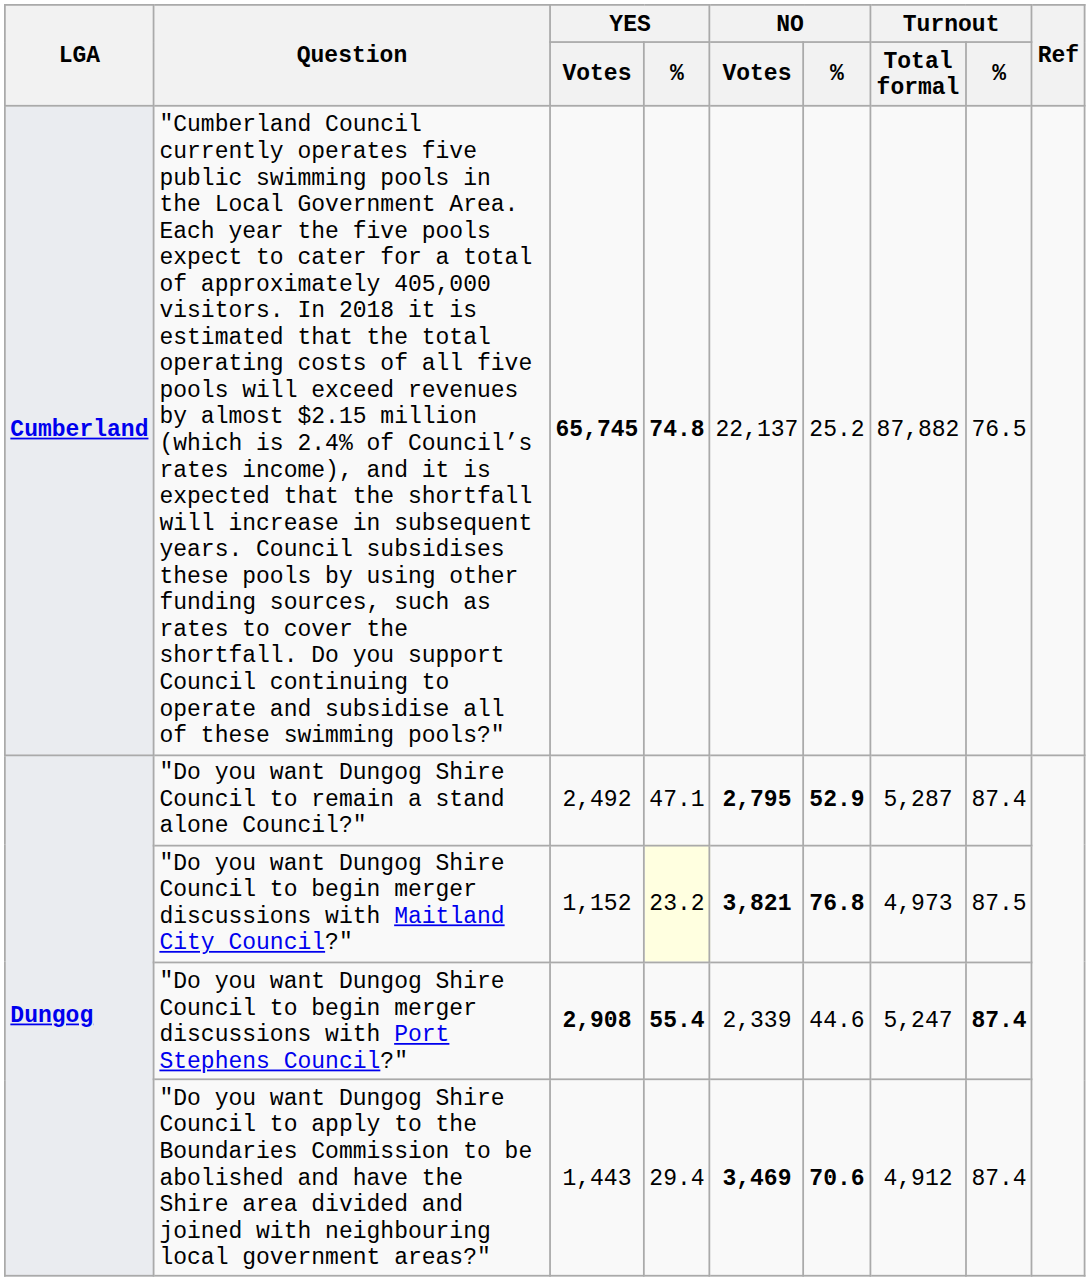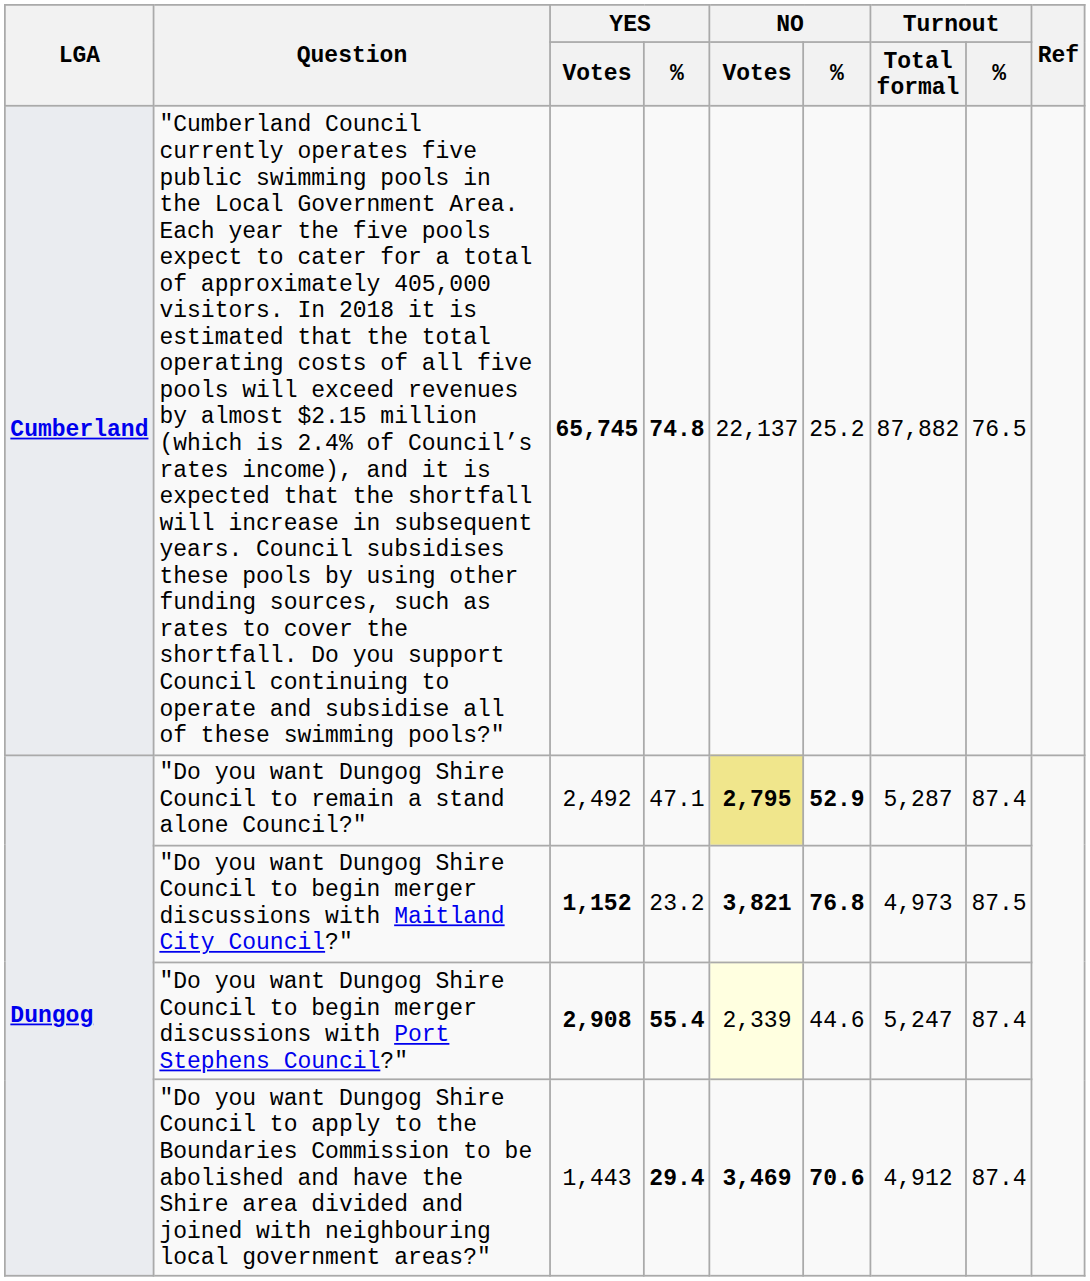 <table class="wikitable sortable">
 <tr>
 <th rowspan="2" style="text-align:center;">LGA</th>
 <th rowspan="2" style="text-align:center;">Question</th>
 <th colspan="2" align="center">YES</th>
 <th colspan="2" align="center">NO</th>
 <th colspan="2" align="center">Turnout</th>
 <th rowspan="2" style="text-align:center;" class=unsortable>Ref</th>
 </tr>
 <tr>
 <th align="center">Votes</th>
 <th align="center">%</th>
 <th align="center">Votes</th>
 <th align="center">%</th>
 <th align="center">Total formal</th>
 <th align="center">%</th>
 </tr>
 <tr>
 <td align="left"; style=background:#EAECF0><strong><a href='#'>Cumberland</a></strong></td>
 <td>"Cumberland Council currently operates five public swimming pools in the Local Government Area. Each year the five pools expect to cater for a total of approximately 405,000 visitors. In 2018 it is estimated that the total operating costs of all five pools will exceed revenues by almost $2.15 million (which is 2.4% of Council’s rates income), and it is expected that the shortfall will increase in subsequent years. Council subsidises these pools by using other funding sources, such as rates to cover the shortfall. Do you support Council continuing to operate and subsidise all of these swimming pools?"</td>
 <td style="text-align:center;"><strong>65,745</strong></td>
 <td> <strong>74.8</strong></td>
 <td style="text-align:center;">22,137</td>
 <td>25.2</td>
 <td style="text-align:center;">87,882</td>
 <td align="center">76.5</td>
 <td align="center"></td>
 </tr>
 <tr>
 <td rowspan="4"; align="left"; style=background:#EAECF0><strong><a href='#'>Dungog</a></strong></td>
 <td>"Do you want Dungog Shire Council to remain a stand alone Council?"</td>
 <td style="text-align:center;">2,492</td>
 <td>47.1</td>
-<td style="text-align:center;"><strong>2,795</strong></td>
+<td style="background: khaki; text-align:center;"><strong>2,795</strong></td>
 <td> <strong>52.9</strong></td>
 <td style="text-align:center;">5,287</td>
 <td align="center">87.4</td>
 <td rowspan="4"; align="center"></td>
 </tr>
 <tr>
 <td>"Do you want Dungog Shire Council to begin merger discussions with <a href='#'>Maitland City Council</a>?"</td>
-<td style="text-align:center;">1,152</td>
-<td style="background: lightyellow;">23.2</td>
+<td style="text-align:center;"><strong>1,152</strong></td>
+<td>23.2</td>
 <td style="text-align:center;"><strong>3,821</strong></td>
 <td> <strong>76.8</strong></td>
 <td style="text-align:center;">4,973</td>
 <td align="center">87.5</td>
 </tr>
 <tr>
 <td>"Do you want Dungog Shire Council to begin merger discussions with <a href='#'>Port Stephens Council</a>?"</td>
 <td style="text-align:center;"><strong>2,908</strong></td>
 <td> <strong>55.4</strong></td>
-<td style="text-align:center;">2,339</td>
+<td style="background: lightyellow; text-align:center;">2,339</td>
 <td>44.6</td>
 <td style="text-align:center;">5,247</td>
-<td align="center"><strong>87.4</strong></td>
+<td align="center">87.4</td>
 </tr>
 <tr>
 <td>"Do you want Dungog Shire Council to apply to the Boundaries Commission to be abolished and have the Shire area divided and joined with neighbouring local government areas?"</td>
 <td style="text-align:center;">1,443</td>
-<td>29.4</td>
+<td><strong>29.4</strong></td>
 <td style="text-align:center;"><strong>3,469</strong></td>
 <td> <strong>70.6</strong></td>
 <td style="text-align:center;">4,912</td>
 <td align="center">87.4</td>
 </tr>
 </table>
